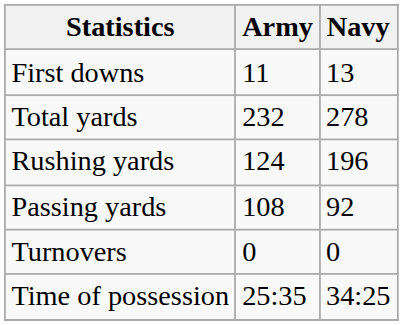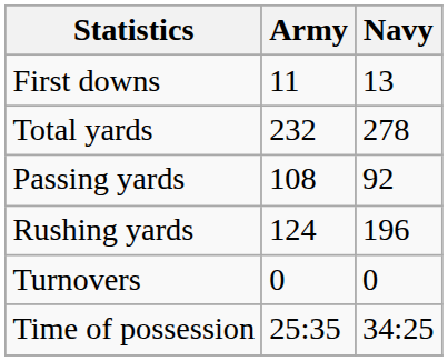 <table class="wikitable">
 <tr>
 <th>Statistics</th>
 <th>Army</th>
 <th>Navy</th>
 </tr>
 <tr>
 <td>First downs</td>
 <td>11</td>
 <td>13</td>
 </tr>
 <tr>
 <td>Total yards</td>
 <td>232</td>
 <td>278</td>
 </tr>
 <tr>
+<td>Passing yards</td>
+<td>108</td>
+<td>92</td>
+</tr>
+<tr>
 <td>Rushing yards</td>
 <td>124</td>
 <td>196</td>
-</tr>
-<tr>
-<td>Passing yards</td>
-<td>108</td>
-<td>92</td>
 </tr>
 <tr>
 <td>Turnovers</td>
 <td>0</td>
 <td>0</td>
 </tr>
 <tr>
 <td>Time of possession</td>
 <td>25:35</td>
 <td>34:25</td>
 </tr>
 <tr>
 </tr>
 </table>
